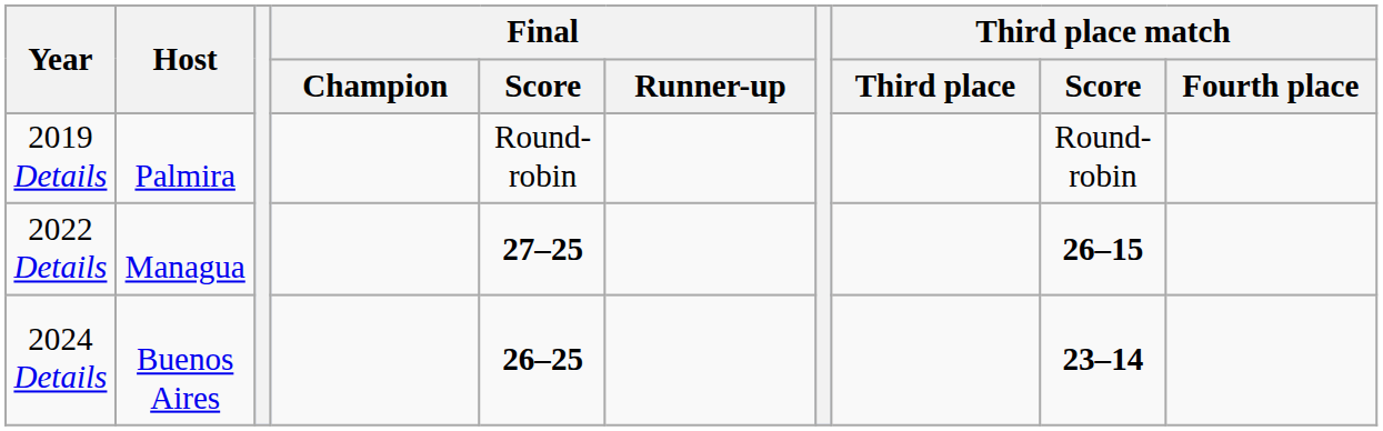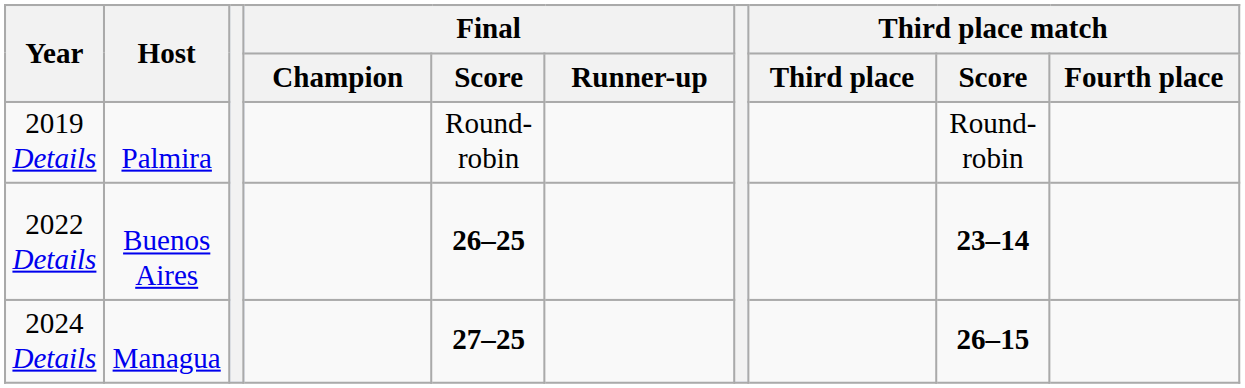 <table class="wikitable" style="font-size:90%; width: 98%; text-align: center;">
 <tr bgcolor=#C1D8FF>
 <th rowspan=2 width=5%>Year</th>
 <th rowspan=2 width=10%>Host</th>
 <th width=1% rowspan=5 bgcolor=ffffff></th>
 <th colspan=3>Final</th>
 <th width=1% rowspan=5 bgcolor=ffffff></th>
 <th colspan=3>Third place match</th>
 </tr>
 <tr bgcolor=#EFEFEF>
 <th width=15%>Champion</th>
 <th width=9%>Score</th>
 <th width=15%>Runner-up</th>
 <th width=15%>Third place</th>
 <th width=9%>Score</th>
 <th width=15%>Fourth place</th>
 </tr>
 <tr>
 <td>2019<br><em><a href='#'>Details</a></em></td>
 <td><br><a href='#'>Palmira</a></td>
 <td><strong></strong></td>
 <td>Round-robin</td>
 <td></td>
 <td></td>
 <td>Round-robin</td>
 <td></td>
 </tr>
 <tr>
 <td>2022<br><em><a href='#'>Details</a></em></td>
+<td><br><a href='#'>Buenos Aires</a></td>
+<td><strong></strong></td>
+<td><strong>26–25</strong></td>
+<td></td>
+<td></td>
+<td><strong>23–14</strong></td>
+<td></td>
+</tr>
+<tr>
+<td>2024<br><em><a href='#'>Details</a></em></td>
 <td><br><a href='#'>Managua</a></td>
 <td><strong></strong></td>
 <td><strong>27–25</strong></td>
 <td></td>
 <td></td>
 <td><strong>26–15</strong></td>
 <td></td>
 </tr>
-<tr>
-<td>2024<br><em><a href='#'>Details</a></em></td>
-<td><br><a href='#'>Buenos Aires</a></td>
-<td><strong></strong></td>
-<td><strong>26–25</strong></td>
-<td></td>
-<td></td>
-<td><strong>23–14</strong></td>
-<td></td>
-</tr>
 </table>
